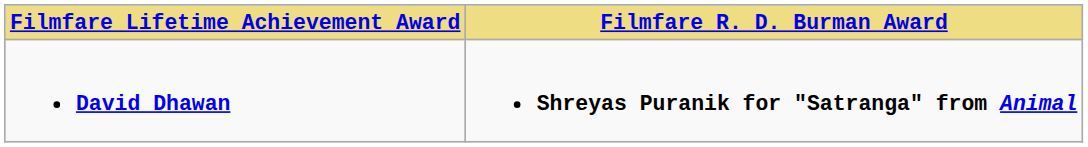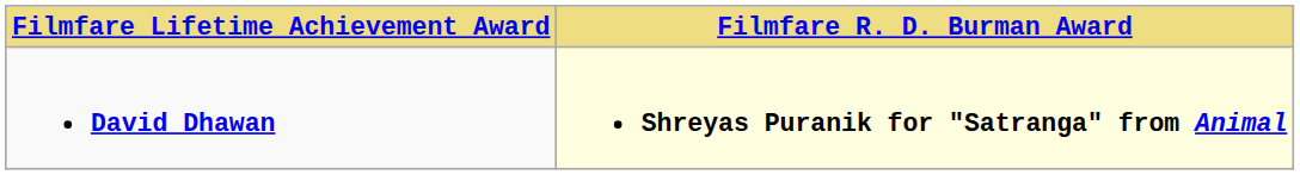 <table class="wikitable">
 <tr>
 <th style="background:#EEDD82;"><a href='#'>Filmfare Lifetime Achievement Award</a></th>
 <th style="background:#EEDD82;"><a href='#'>Filmfare R. D. Burman Award</a></th>
 </tr>
 <tr>
 <td style="vertical-align:top"><br><ul><li><strong><a href='#'>David Dhawan</a></strong></li></ul></td>
-<td style="vertical-align:top"><br><ul><li><strong>Shreyas Puranik for "Satranga" from <em><a href='#'>Animal</a><strong><em></li></ul></td>
+<td style="background: lightyellow; vertical-align:top"><br><ul><li><strong>Shreyas Puranik for "Satranga" from <em><a href='#'>Animal</a><strong><em></li></ul></td>
 </tr>
 </table>
